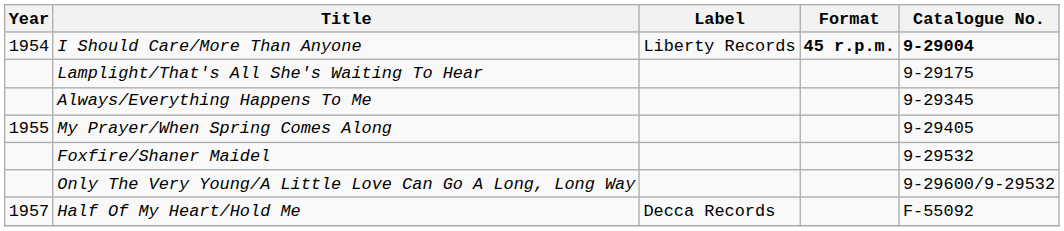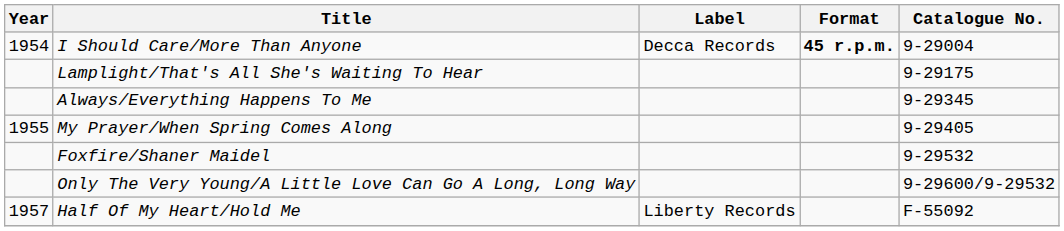 <table class="wikitable">
 <tr>
 <th>Year</th>
 <th>Title</th>
 <th>Label</th>
 <th>Format</th>
 <th>Catalogue No.</th>
 </tr>
 <tr>
 <td>1954</td>
 <td><em>I Should Care/More Than Anyone</em></td>
-<td>Liberty Records</td>
+<td>Decca Records</td>
 <td><strong>45 r.p.m.</strong></td>
-<td><strong>9-29004</strong></td>
+<td>9-29004</td>
 </tr>
 <tr>
 <td></td>
 <td><em>Lamplight/That's All She's Waiting To Hear</em></td>
 <td></td>
 <td></td>
 <td>9-29175</td>
 </tr>
 <tr>
 <td></td>
 <td><em>Always/Everything Happens To Me</em></td>
 <td></td>
 <td></td>
 <td>9-29345</td>
 </tr>
 <tr>
 <td>1955</td>
 <td><em>My Prayer/When Spring Comes Along</em></td>
 <td></td>
 <td></td>
 <td>9-29405</td>
 </tr>
 <tr>
 <td></td>
 <td><em>Foxfire/Shaner Maidel</em></td>
 <td></td>
 <td></td>
 <td>9-29532</td>
 </tr>
 <tr>
 <td></td>
 <td><em>Only The Very Young/A Little Love Can Go A Long, Long Way</em></td>
 <td></td>
 <td></td>
 <td>9-29600/9-29532</td>
 </tr>
 <tr>
 <td>1957</td>
 <td><em>Half Of My Heart/Hold Me</em></td>
-<td>Decca Records</td>
+<td>Liberty Records</td>
 <td></td>
 <td>F-55092</td>
 </tr>
 <tr>
 </tr>
 </table>
